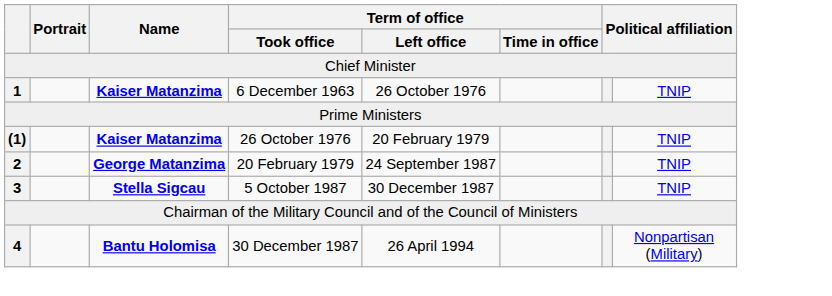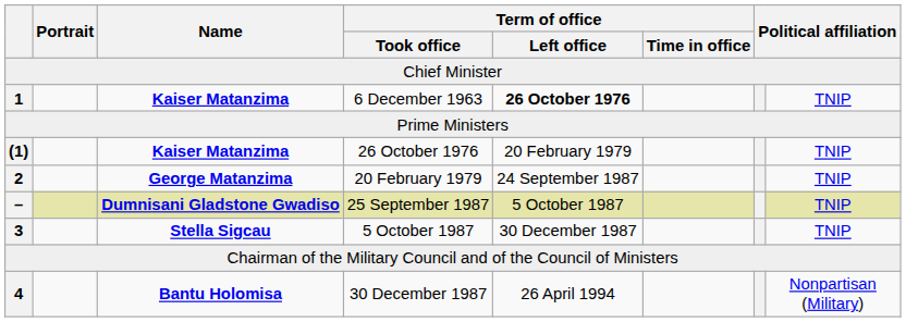 <table class="wikitable" style="font-size:80%;text-align:center">
 <tr>
 <th rowspan=2></th>
 <th rowspan=2>Portrait</th>
 <th rowspan=2>Name<br></th>
 <th colspan=3>Term of office</th>
 <th rowspan=2 colspan=2>Political affiliation</th>
 </tr>
 <tr>
 <th>Took office</th>
 <th>Left office</th>
 <th>Time in office</th>
 </tr>
 <tr style="background:#efefef;">
 <td colspan=8>Chief Minister</td>
 </tr>
 <tr>
 <th>1</th>
 <td></td>
 <td><strong><a href='#'>Kaiser Matanzima</a></strong><br></td>
 <td>6 December 1963</td>
-<td>26 October 1976</td>
+<td><strong>26 October 1976</strong></td>
 <td></td>
 <th style="background:"></th>
 <td><a href='#'>TNIP</a></td>
 </tr>
 <tr style="background:#efefef;">
 <td colspan=8>Prime Ministers</td>
 </tr>
 <tr>
 <th>(1)</th>
 <td></td>
 <td><strong><a href='#'>Kaiser Matanzima</a></strong><br></td>
 <td>26 October 1976</td>
 <td>20 February 1979<br></td>
 <td></td>
 <th style="background:"></th>
 <td><a href='#'>TNIP</a></td>
 </tr>
 <tr>
 <th>2</th>
 <td></td>
 <td><strong><a href='#'>George Matanzima</a></strong><br></td>
 <td>20 February 1979</td>
 <td>24 September 1987<br></td>
+<td></td>
+<th style="background:"></th>
+<td><a href='#'>TNIP</a></td>
+</tr>
+<tr style="background:#e6e6aa;">
+<th>–</th>
+<td></td>
+<td><strong><a href='#'>Dumnisani Gladstone Gwadiso</a></strong><br></td>
+<td>25 September 1987</td>
+<td>5 October 1987</td>
 <td></td>
 <th style="background:"></th>
 <td><a href='#'>TNIP</a></td>
 </tr>
 <tr>
 <th>3</th>
 <td></td>
 <td><strong><a href='#'>Stella Sigcau</a></strong><br></td>
 <td>5 October 1987</td>
 <td>30 December 1987<br></td>
 <td></td>
 <th style="background:"></th>
 <td><a href='#'>TNIP</a></td>
 </tr>
 <tr style="background:#efefef;">
 <td colspan=8>Chairman of the Military Council and of the Council of Ministers</td>
 </tr>
 <tr>
 <th>4</th>
 <td></td>
 <td><strong><a href='#'>Bantu Holomisa</a></strong><br></td>
 <td>30 December 1987</td>
 <td>26 April 1994</td>
 <td></td>
 <th style="background:"></th>
 <td><a href='#'>Nonpartisan</a><br>(<a href='#'>Military</a>)</td>
 </tr>
 </table>
